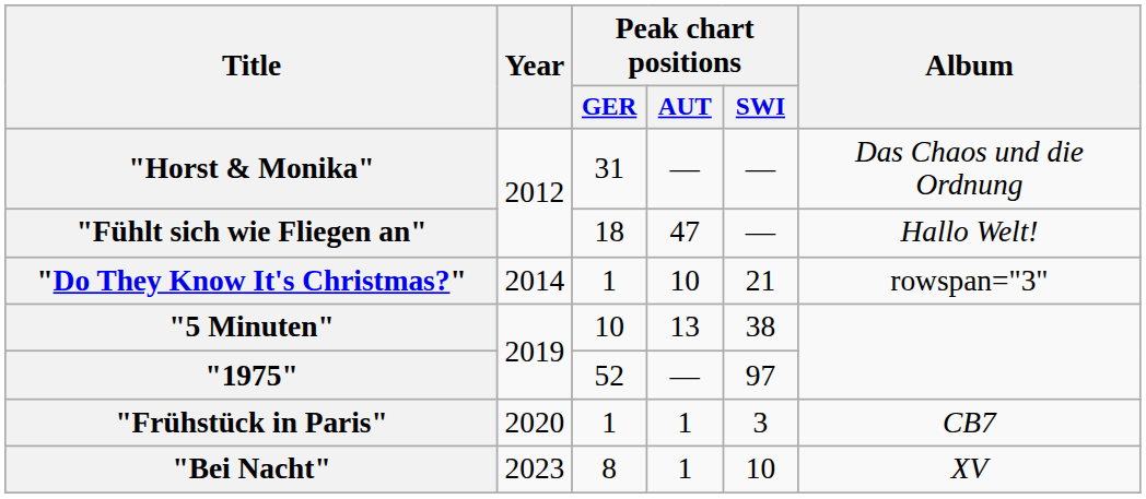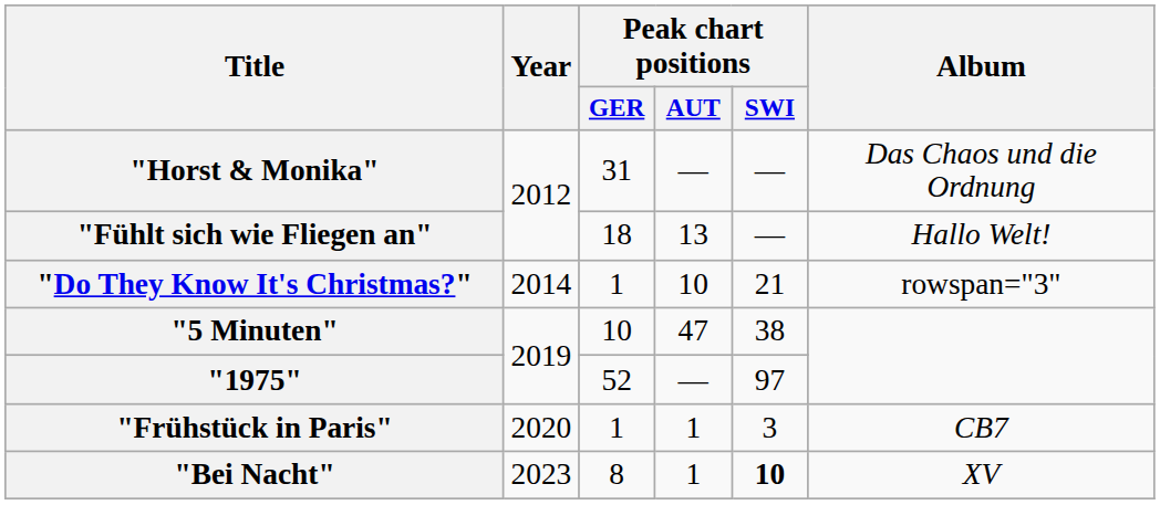 <table class="wikitable plainrowheaders" style="text-align:center;">
 <tr>
 <th scope="col" rowspan="2" style="width:16em;">Title</th>
 <th scope="col" rowspan="2" style="width:2em;">Year</th>
 <th scope="col" colspan="3">Peak chart positions</th>
 <th scope="col" rowspan="2">Album</th>
 </tr>
 <tr>
 <th style="width:2.5em; font-size:85%"><a href='#'>GER</a><br></th>
 <th style="width:2.5em; font-size:85%"><a href='#'>AUT</a><br></th>
 <th style="width:2.5em; font-size:85%"><a href='#'>SWI</a><br></th>
 </tr>
 <tr>
 <th scope="row">"Horst & Monika"<br></th>
 <td rowspan="2">2012</td>
 <td>31</td>
 <td>—</td>
 <td>—</td>
 <td><em>Das Chaos und die Ordnung</em></td>
 </tr>
 <tr>
 <th scope="row">"Fühlt sich wie Fliegen an"<br></th>
 <td>18</td>
-<td>47</td>
+<td>13</td>
 <td>—</td>
 <td><em>Hallo Welt!</em></td>
 </tr>
 <tr>
 <th scope="row">"<a href='#'>Do They Know It's Christmas?</a>"<br></th>
 <td>2014</td>
 <td>1</td>
 <td>10</td>
 <td>21</td>
 <td>rowspan="3" </td>
 </tr>
 <tr>
 <th scope="row">"5 Minuten"<br></th>
 <td rowspan="2">2019</td>
 <td>10</td>
-<td>13</td>
+<td>47</td>
 <td>38</td>
 </tr>
 <tr>
 <th scope="row">"1975"<br></th>
 <td>52</td>
 <td>—</td>
 <td>97</td>
 </tr>
 <tr>
 <th scope="row">"Frühstück in Paris"<br></th>
 <td>2020</td>
 <td>1</td>
 <td>1</td>
 <td>3</td>
 <td><em>CB7</em></td>
 </tr>
 <tr>
 <th scope="row">"Bei Nacht"<br></th>
 <td>2023</td>
 <td>8</td>
 <td>1</td>
-<td>10</td>
+<td><strong>10</strong></td>
 <td><em>XV</em></td>
 </tr>
 </table>
